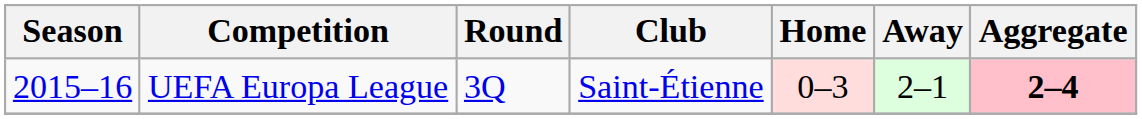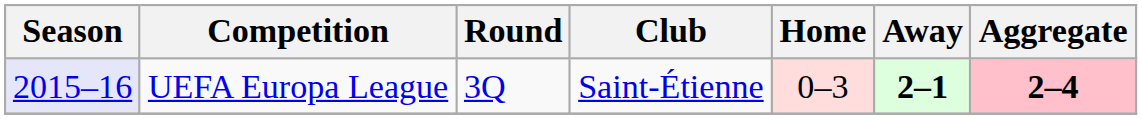 <table class="wikitable">
 <tr>
 <th>Season</th>
 <th>Competition</th>
 <th>Round</th>
 <th>Club</th>
 <th>Home</th>
 <th>Away</th>
 <th>Aggregate</th>
 </tr>
 <tr>
-<td rowspan="1"><a href='#'>2015–16</a></td>
+<td rowspan="1" style="background: lavender;"><a href='#'>2015–16</a></td>
 <td rowspan="1"><a href='#'>UEFA Europa League</a></td>
 <td style="background-color:"><a href='#'>3Q</a></td>
 <td style="background-color:"> <a href='#'>Saint-Étienne</a></td>
 <td bgcolor="#ffdddd" style="text-align:center;">0–3</td>
-<td bgcolor="#ddffdd" style="text-align:center;">2–1</td>
+<td bgcolor="#ddffdd" style="text-align:center;"><strong>2–1</strong></td>
 <td bgcolor=pink style="text-align:center;"><strong>2–4</strong></td>
 </tr>
 <tr>
 </tr>
 </table>
